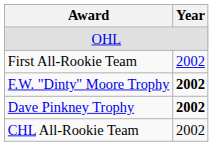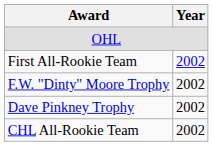 <table class="wikitable">
 <tr>
 <th>Award</th>
 <th>Year</th>
 </tr>
 <tr ALIGN="center" bgcolor="#e0e0e0">
 <td colspan="3"><a href='#'>OHL</a></td>
 </tr>
 <tr>
 <td>First All-Rookie Team</td>
 <td><a href='#'>2002</a></td>
 </tr>
 <tr>
 <td><a href='#'>F.W. "Dinty" Moore Trophy</a></td>
-<td><strong>2002</strong></td>
+<td>2002</td>
 </tr>
 <tr>
 <td><a href='#'>Dave Pinkney Trophy</a></td>
-<td><strong>2002</strong></td>
+<td>2002</td>
 </tr>
 <tr>
 <td><a href='#'>CHL</a>  All-Rookie Team</td>
 <td>2002</td>
 </tr>
 </table>
